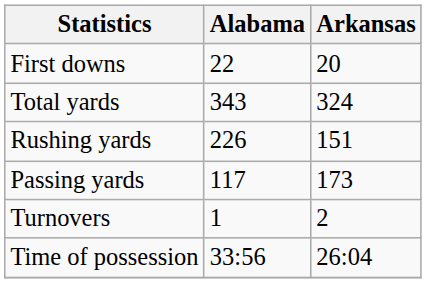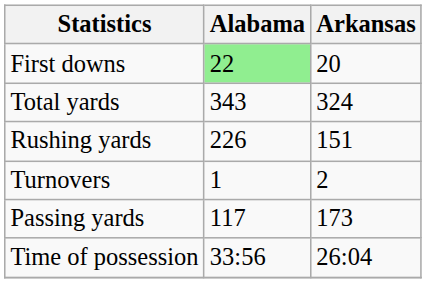 <table class="wikitable" style="float: left;">
 <tr>
 <th>Statistics</th>
 <th>Alabama</th>
 <th>Arkansas</th>
 </tr>
 <tr>
 <td>First downs</td>
-<td>22</td>
+<td style="background: lightgreen;">22</td>
 <td>20</td>
 </tr>
 <tr>
 <td>Total yards</td>
 <td>343</td>
 <td>324</td>
 </tr>
 <tr>
 <td>Rushing yards</td>
 <td>226</td>
 <td>151</td>
 </tr>
 <tr>
+<td>Turnovers</td>
+<td>1</td>
+<td>2</td>
+</tr>
+<tr>
 <td>Passing yards</td>
 <td>117</td>
 <td>173</td>
-</tr>
-<tr>
-<td>Turnovers</td>
-<td>1</td>
-<td>2</td>
 </tr>
 <tr>
 <td>Time of possession</td>
 <td>33:56</td>
 <td>26:04</td>
 </tr>
 <tr>
 </tr>
 </table>
